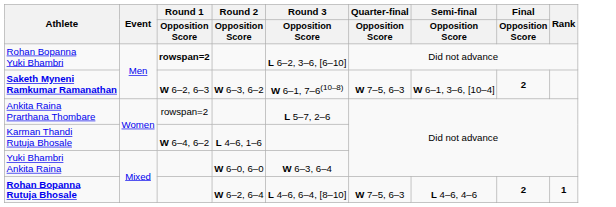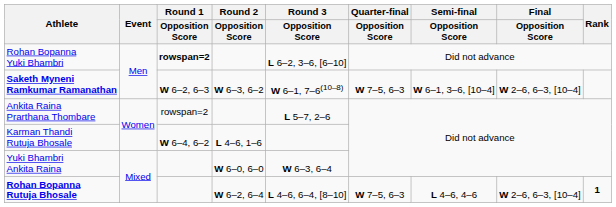 <table class=wikitable style="text-align:center; font-size:90%">
 <tr>
 <th rowspan="2">Athlete</th>
 <th rowspan="2">Event</th>
 <th>Round 1</th>
 <th>Round 2</th>
 <th>Round 3</th>
 <th>Quarter-final</th>
 <th>Semi-final</th>
 <th>Final</th>
 <th rowspan="2">Rank</th>
 </tr>
 <tr style="font-size:95%">
 <th>Opposition<br>Score</th>
 <th>Opposition<br>Score</th>
 <th>Opposition<br>Score</th>
 <th>Opposition<br>Score</th>
 <th>Opposition<br>Score</th>
 <th>Opposition<br>Score</th>
 </tr>
 <tr>
 <td style="text-align:left"><a href='#'>Rohan Bopanna</a><br><a href='#'>Yuki Bhambri</a></td>
 <td rowspan="2"><a href='#'>Men</a></td>
 <td><strong>rowspan=2 </strong></td>
 <td></td>
 <td><br><strong>L</strong> 6–2, 3–6, [6–10]</td>
 <td colspan=4>Did not advance</td>
 </tr>
 <tr>
 <td style="text-align:left"><strong><a href='#'>Saketh Myneni</a><br><a href='#'>Ramkumar Ramanathan</a></strong></td>
 <td><br><strong>W</strong> 6–2, 6–3</td>
 <td><br><strong>W</strong> 6–3, 6–2</td>
 <td><br><strong>W</strong> 6–1, 7–6<sup>(10–8)</sup></td>
 <td><br><strong>W</strong> 7–5, 6–3</td>
 <td><br><strong>W</strong> 6–1, 3–6, [10–4]</td>
-<td><strong>2</strong></td>
+<td><br><strong>W</strong> 2–6, 6–3, [10–4]</td>
 </tr>
 <tr>
 <td style="text-align:left"><a href='#'>Ankita Raina</a><br><a href='#'>Prarthana Thombare</a></td>
 <td rowspan="2"><a href='#'>Women</a></td>
 <td>rowspan=2 </td>
 <td></td>
 <td><br><strong>L</strong> 5–7, 2–6</td>
 <td colspan=4 rowspan=3>Did not advance</td>
 </tr>
 <tr>
 <td style="text-align:left"><a href='#'>Karman Thandi</a><br><a href='#'>Rutuja Bhosale</a></td>
 <td><br><strong>W</strong> 6–4, 6–2</td>
 <td><br><strong>L</strong> 4–6, 1–6</td>
 </tr>
 <tr>
 <td style="text-align:left"><a href='#'>Yuki Bhambri</a><br><a href='#'>Ankita Raina</a></td>
 <td rowspan="2"><a href='#'>Mixed</a></td>
 <td></td>
 <td><br><strong>W</strong> 6–0, 6–0</td>
 <td><br><strong>W</strong> 6–3, 6–4</td>
 </tr>
 <tr>
 <td style="text-align:left"><strong><a href='#'>Rohan Bopanna</a><br><a href='#'>Rutuja Bhosale</a></strong></td>
 <td></td>
 <td><br> <strong>W</strong> 6–2, 6–4</td>
 <td><br><strong>L</strong> 4–6, 6–4, [8–10]</td>
 <td><br><strong>W</strong> 7–5, 6–3</td>
 <td><br><strong>L</strong> 4–6, 4–6</td>
-<td><strong>2</strong></td>
+<td><br><strong>W</strong> 2–6, 6–3, [10–4]</td>
 <td><strong>1</strong></td>
 </tr>
 </table>
